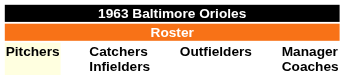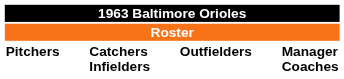 <table class="toccolours" style="font-size: 95%;">
 <tr>
 <th colspan="10" style="background-color: black; color: white; text-align: center;">1963 Baltimore Orioles</th>
 </tr>
 <tr>
 <td colspan="10" style="background-color: #F87217; color: white; text-align: center;"><strong>Roster</strong></td>
 </tr>
 <tr>
-<td valign="top" style="background: lightyellow;"><strong>Pitchers</strong><br>                </td>
+<td valign="top"><strong>Pitchers</strong><br>                </td>
 <td width="25px"></td>
 <td valign="top"><strong>Catchers</strong><br>    <strong>Infielders</strong>      </td>
 <td width="25px"></td>
 <td valign="top"><strong>Outfielders</strong><br>      </td>
 <td width="25px"></td>
 <td valign="top"><strong>Manager</strong><br> <strong>Coaches</strong>   </td>
 </tr>
 <tr>
 </tr>
 </table>
